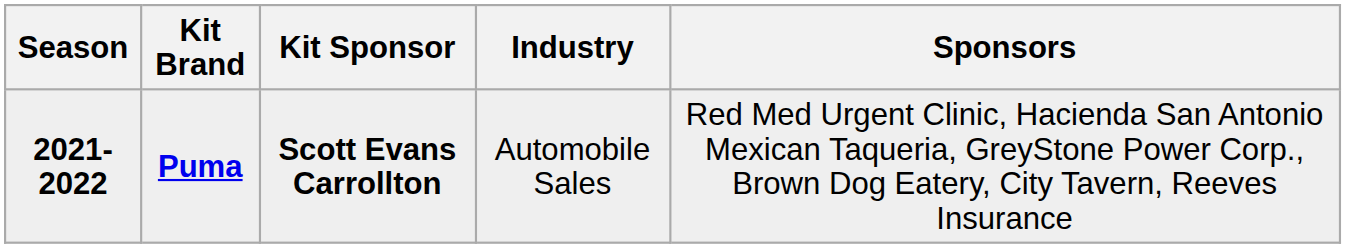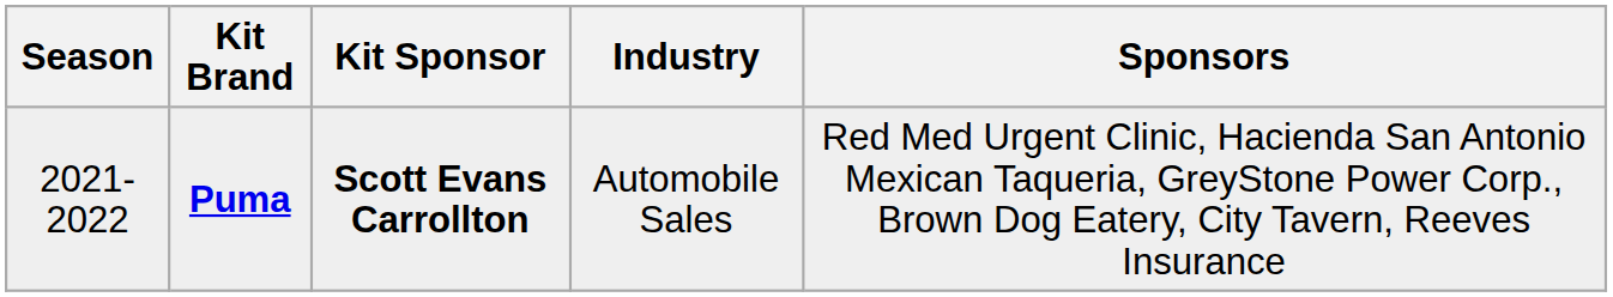 <table class="wikitable" mw-collapsed" style="width:70%; background:#efefef; font-size:90%; text-align:center">
 <tr>
 <th>Season</th>
 <th>Kit Brand</th>
 <th>Kit Sponsor</th>
 <th>Industry</th>
 <th>Sponsors</th>
 </tr>
 <tr>
-<td><strong>2021-2022</strong></td>
+<td>2021-2022</td>
 <td rowspan="6"><strong><a href='#'>Puma</a></strong></td>
 <td rowspan="6"><strong>Scott Evans Carrollton</strong></td>
 <td rowspan="6">Automobile Sales</td>
 <td colspan="6">Red Med Urgent Clinic, Hacienda San Antonio Mexican Taqueria, GreyStone Power Corp., Brown Dog Eatery, City Tavern, Reeves Insurance</td>
 </tr>
 </table>
